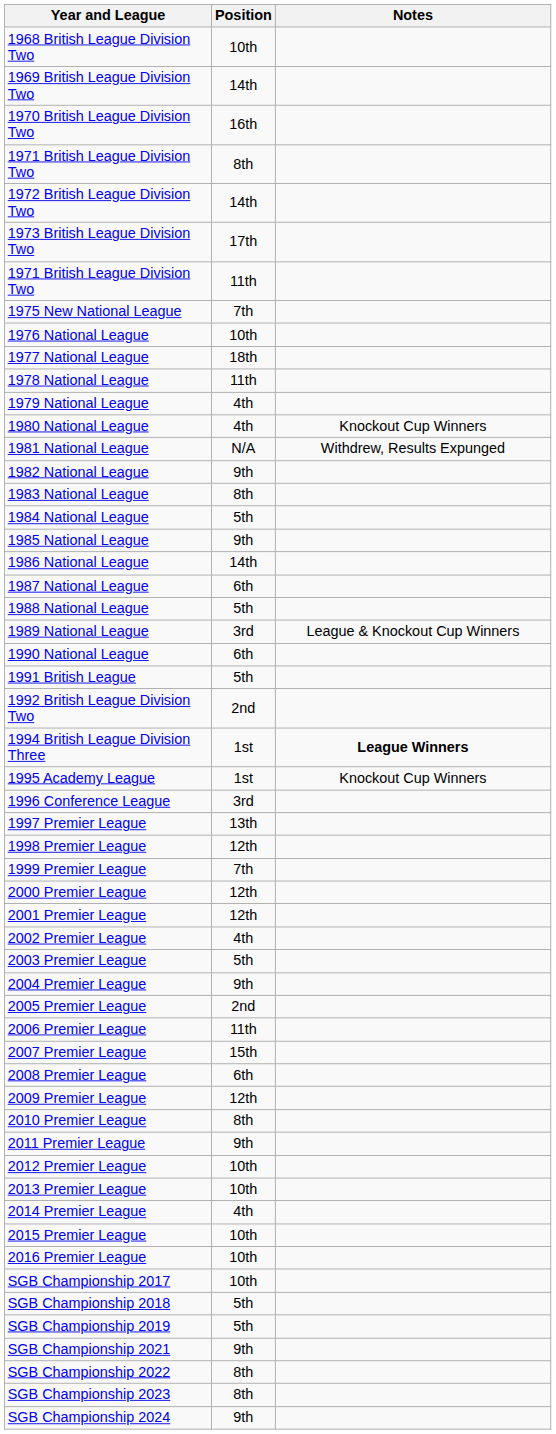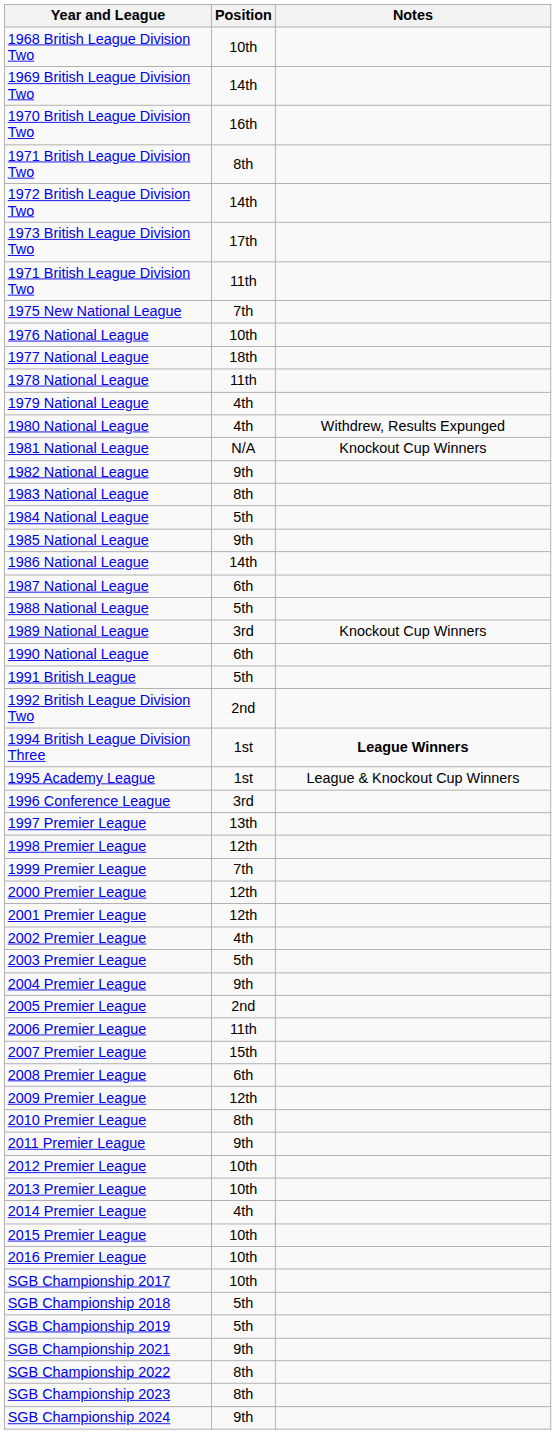 <table class="wikitable">
 <tr>
 <th width=250>Year and League</th>
 <th width=50>Position</th>
 <th width=350>Notes</th>
 </tr>
 <tr align=center>
 <td align="left"><a href='#'>1968 British League Division Two</a></td>
 <td>10th</td>
 <td></td>
 </tr>
 <tr align=center>
 <td align="left"><a href='#'>1969 British League Division Two</a></td>
 <td>14th</td>
 <td></td>
 </tr>
 <tr align=center>
 <td align="left"><a href='#'>1970 British League Division Two</a></td>
 <td>16th</td>
 <td></td>
 </tr>
 <tr align=center>
 <td align="left"><a href='#'>1971 British League Division Two</a></td>
 <td>8th</td>
 <td></td>
 </tr>
 <tr align=center>
 <td align="left"><a href='#'>1972 British League Division Two</a></td>
 <td>14th</td>
 <td></td>
 </tr>
 <tr align=center>
 <td align="left"><a href='#'>1973 British League Division Two</a></td>
 <td>17th</td>
 <td></td>
 </tr>
 <tr align=center>
 <td align="left"><a href='#'>1971 British League Division Two</a></td>
 <td>11th</td>
 <td></td>
 </tr>
 <tr align=center>
 <td align="left"><a href='#'>1975 New National League</a></td>
 <td>7th</td>
 <td></td>
 </tr>
 <tr align=center>
 <td align="left"><a href='#'>1976 National League</a></td>
 <td>10th</td>
 <td></td>
 </tr>
 <tr align=center>
 <td align="left"><a href='#'>1977 National League</a></td>
 <td>18th</td>
 <td></td>
 </tr>
 <tr align=center>
 <td align="left"><a href='#'>1978 National League</a></td>
 <td>11th</td>
 <td></td>
 </tr>
 <tr align=center>
 <td align="left"><a href='#'>1979 National League</a></td>
 <td>4th</td>
 <td></td>
 </tr>
 <tr align=center>
 <td align="left"><a href='#'>1980 National League</a></td>
 <td>4th</td>
-<td>Knockout Cup Winners</td>
+<td>Withdrew, Results Expunged</td>
 </tr>
 <tr align=center>
 <td align="left"><a href='#'>1981 National League</a></td>
 <td>N/A</td>
-<td>Withdrew, Results Expunged</td>
+<td>Knockout Cup Winners</td>
 </tr>
 <tr align=center>
 <td align="left"><a href='#'>1982 National League</a></td>
 <td>9th</td>
 <td></td>
 </tr>
 <tr align=center>
 <td align="left"><a href='#'>1983 National League</a></td>
 <td>8th</td>
 <td></td>
 </tr>
 <tr align=center>
 <td align="left"><a href='#'>1984 National League</a></td>
 <td>5th</td>
 <td></td>
 </tr>
 <tr align=center>
 <td align="left"><a href='#'>1985 National League</a></td>
 <td>9th</td>
 <td></td>
 </tr>
 <tr align=center>
 <td align="left"><a href='#'>1986 National League</a></td>
 <td>14th</td>
 <td></td>
 </tr>
 <tr align=center>
 <td align="left"><a href='#'>1987 National League</a></td>
 <td>6th</td>
 <td></td>
 </tr>
 <tr align=center>
 <td align="left"><a href='#'>1988 National League</a></td>
 <td>5th</td>
 <td></td>
 </tr>
 <tr align=center>
 <td align="left"><a href='#'>1989 National League</a></td>
 <td>3rd</td>
-<td>League & Knockout Cup Winners</td>
+<td>Knockout Cup Winners</td>
 </tr>
 <tr align=center>
 <td align="left"><a href='#'>1990 National League</a></td>
 <td>6th</td>
 <td></td>
 </tr>
 <tr align=center>
 <td align="left"><a href='#'>1991 British League</a></td>
 <td>5th</td>
 <td></td>
 </tr>
 <tr align=center>
 <td align="left"><a href='#'>1992 British League Division Two</a></td>
 <td>2nd</td>
 <td></td>
 </tr>
 <tr align=center>
 <td align="left"><a href='#'>1994 British League Division Three</a></td>
 <td>1st</td>
 <td><strong>League Winners</strong></td>
 </tr>
 <tr align=center>
 <td align="left"><a href='#'>1995 Academy League</a></td>
 <td>1st</td>
-<td>Knockout Cup Winners</td>
+<td>League & Knockout Cup Winners</td>
 </tr>
 <tr align=center>
 <td align="left"><a href='#'>1996 Conference League</a></td>
 <td>3rd</td>
 <td></td>
 </tr>
 <tr align=center>
 <td align="left"><a href='#'>1997 Premier League</a></td>
 <td>13th</td>
 <td></td>
 </tr>
 <tr align=center>
 <td align="left"><a href='#'>1998 Premier League</a></td>
 <td>12th</td>
 <td></td>
 </tr>
 <tr align=center>
 <td align="left"><a href='#'>1999 Premier League</a></td>
 <td>7th</td>
 <td></td>
 </tr>
 <tr align=center>
 <td align="left"><a href='#'>2000 Premier League</a></td>
 <td>12th</td>
 <td></td>
 </tr>
 <tr align=center>
 <td align="left"><a href='#'>2001 Premier League</a></td>
 <td>12th</td>
 <td></td>
 </tr>
 <tr align=center>
 <td align="left"><a href='#'>2002 Premier League</a></td>
 <td>4th</td>
 <td></td>
 </tr>
 <tr align=center>
 <td align="left"><a href='#'>2003 Premier League</a></td>
 <td>5th</td>
 <td></td>
 </tr>
 <tr align=center>
 <td align="left"><a href='#'>2004 Premier League</a></td>
 <td>9th</td>
 <td></td>
 </tr>
 <tr align=center>
 <td align="left"><a href='#'>2005 Premier League</a></td>
 <td>2nd</td>
 <td></td>
 </tr>
 <tr align=center>
 <td align="left"><a href='#'>2006 Premier League</a></td>
 <td>11th</td>
 <td></td>
 </tr>
 <tr align=center>
 <td align="left"><a href='#'>2007 Premier League</a></td>
 <td>15th</td>
 <td></td>
 </tr>
 <tr align=center>
 <td align="left"><a href='#'>2008 Premier League</a></td>
 <td>6th</td>
 <td></td>
 </tr>
 <tr align=center>
 <td align="left"><a href='#'>2009 Premier League</a></td>
 <td>12th</td>
 <td></td>
 </tr>
 <tr align=center>
 <td align="left"><a href='#'>2010 Premier League</a></td>
 <td>8th</td>
 <td></td>
 </tr>
 <tr align=center>
 <td align="left"><a href='#'>2011 Premier League</a></td>
 <td>9th</td>
 <td></td>
 </tr>
 <tr align=center>
 <td align="left"><a href='#'>2012 Premier League</a></td>
 <td>10th</td>
 <td></td>
 </tr>
 <tr align=center>
 <td align="left"><a href='#'>2013 Premier League</a></td>
 <td>10th</td>
 <td></td>
 </tr>
 <tr align=center>
 <td align="left"><a href='#'>2014 Premier League</a></td>
 <td>4th</td>
 <td></td>
 </tr>
 <tr align=center>
 <td align="left"><a href='#'>2015 Premier League</a></td>
 <td>10th</td>
 <td></td>
 </tr>
 <tr align=center>
 <td align="left"><a href='#'>2016 Premier League</a></td>
 <td>10th</td>
 <td></td>
 </tr>
 <tr align=center>
 <td align="left"><a href='#'>SGB Championship 2017</a></td>
 <td>10th</td>
 <td></td>
 </tr>
 <tr align=center>
 <td align="left"><a href='#'>SGB Championship 2018</a></td>
 <td>5th</td>
 <td></td>
 </tr>
 <tr align=center>
 <td align="left"><a href='#'>SGB Championship 2019</a></td>
 <td>5th</td>
 <td></td>
 </tr>
 <tr align=center>
 <td align="left"><a href='#'>SGB Championship 2021</a></td>
 <td>9th</td>
 <td></td>
 </tr>
 <tr align=center>
 <td align="left"><a href='#'>SGB Championship 2022</a></td>
 <td>8th</td>
 <td></td>
 </tr>
 <tr align=center>
 <td align="left"><a href='#'>SGB Championship 2023</a></td>
 <td>8th</td>
 <td></td>
 </tr>
 <tr align=center>
 <td align="left"><a href='#'>SGB Championship 2024</a></td>
 <td>9th</td>
 <td></td>
 </tr>
 </table>
